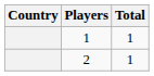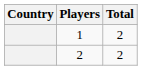 <table class="sortable wikitable plainrowheaders" style="text-align:center;">
 <tr>
 <th scope="col">Country</th>
 <th scope="col">Players</th>
 <th scope="col">Total</th>
 </tr>
 <tr>
 <th scope="row"></th>
 <td>1</td>
-<td>1</td>
+<td>2</td>
 </tr>
 <tr>
 <th scope="row"></th>
 <td>2</td>
-<td>1</td>
+<td>2</td>
 </tr>
 </table>
